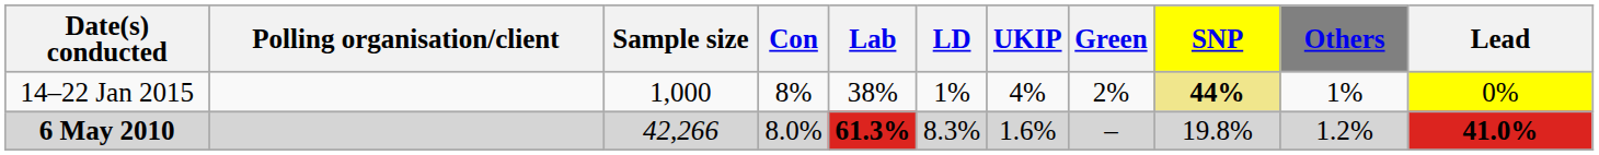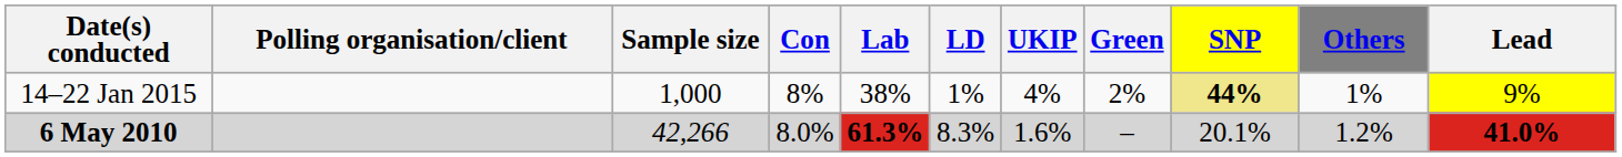 <table class="wikitable sortable" style="text-align:center;font-size:90%;line-height:14px">
 <tr>
 <th ! style="width:100px;">Date(s)<br>conducted</th>
 <th style="width:200px;">Polling organisation/client</th>
 <th class="unsortable" style="width:75px;">Sample size</th>
 <th class="unsortable" style="background:"><a href='#'><span>Con</span></a></th>
 <th class="unsortable" style="background:"><a href='#'><span>Lab</span></a></th>
 <th class="unsortable" style="background:"><a href='#'><span>LD</span></a></th>
 <th class="unsortable" style="background:"><a href='#'><span>UKIP</span></a></th>
 <th class="unsortable" style="background:"><a href='#'><span>Green</span></a></th>
 <th class="unsortable" style="background:#ffff00; width:60px;"><a href='#'><span>SNP</span></a></th>
 <th class="unsortable" style="background:gray; width:60px;"><a href='#'><span>Others</span></a></th>
 <th class="unsortable" style="width:90px;">Lead</th>
 </tr>
 <tr>
 <td>14–22 Jan 2015</td>
 <td> </td>
 <td>1,000</td>
 <td>8%</td>
 <td>38%</td>
 <td>1%</td>
 <td>4%</td>
 <td>2%</td>
 <td style="background:khaki"><strong>44%</strong></td>
 <td>1%</td>
-<td style="background:#ff0"><span>0% </span></td>
+<td style="background:#ff0"><span>9% </span></td>
 </tr>
 <tr>
 <td style="background:#D5D5D5"><strong>6 May 2010</strong></td>
 <td style="background:#D5D5D5"></td>
 <td style="background:#D5D5D5"><em>42,266</em></td>
 <td style="background:#D5D5D5">8.0%</td>
 <td style="background:#dc241f"><span><strong>61.3%</strong></span></td>
 <td style="background:#D5D5D5">8.3%</td>
 <td style="background:#D5D5D5">1.6%</td>
 <td style="background:#D5D5D5">–</td>
-<td style="background:#D5D5D5">19.8%</td>
+<td style="background:#D5D5D5">20.1%</td>
 <td style="background:#D5D5D5">1.2%</td>
 <td style="background:#dc241f"><span><strong>41.0% </strong></span></td>
 </tr>
 </table>
